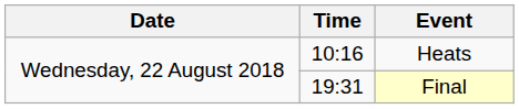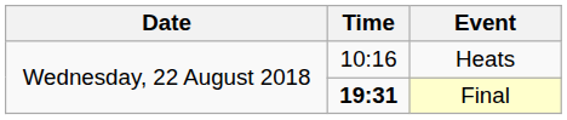 <table class = "wikitable" style="text-align:center;">
 <tr>
 <th width=220>Date</th>
 <th width=50>Time</th>
 <th width=100>Event</th>
 </tr>
 <tr>
 <td rowspan=2>Wednesday, 22 August 2018</td>
 <td>10:16</td>
 <td>Heats</td>
 </tr>
 <tr>
-<td>19:31</td>
+<td><strong>19:31</strong></td>
 <td bgcolor=ffffcc>Final</td>
 </tr>
 </table>
